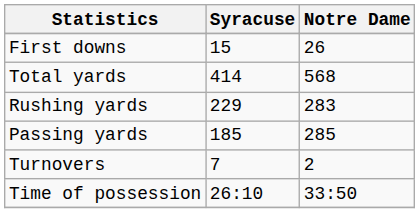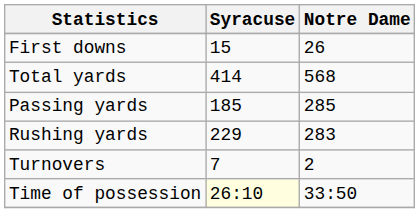 <table class="wikitable">
 <tr>
 <th>Statistics</th>
 <th>Syracuse</th>
 <th>Notre Dame</th>
 </tr>
 <tr>
 </tr>
 <tr>
 <td>First downs</td>
 <td>15</td>
 <td>26</td>
 </tr>
 <tr>
 <td>Total yards</td>
 <td>414</td>
 <td>568</td>
 </tr>
 <tr>
+<td>Passing yards</td>
+<td>185</td>
+<td>285</td>
+</tr>
+<tr>
 <td>Rushing yards</td>
 <td>229</td>
 <td>283</td>
-</tr>
-<tr>
-<td>Passing yards</td>
-<td>185</td>
-<td>285</td>
 </tr>
 <tr>
 <td>Turnovers</td>
 <td>7</td>
 <td>2</td>
 </tr>
 <tr>
 <td>Time of possession</td>
-<td>26:10</td>
+<td style="background: lightyellow;">26:10</td>
 <td>33:50</td>
 </tr>
 <tr>
 </tr>
 </table>
